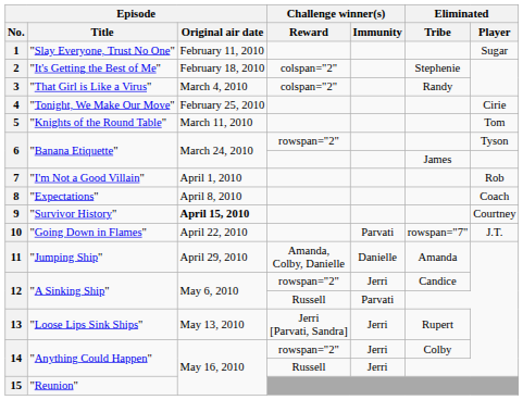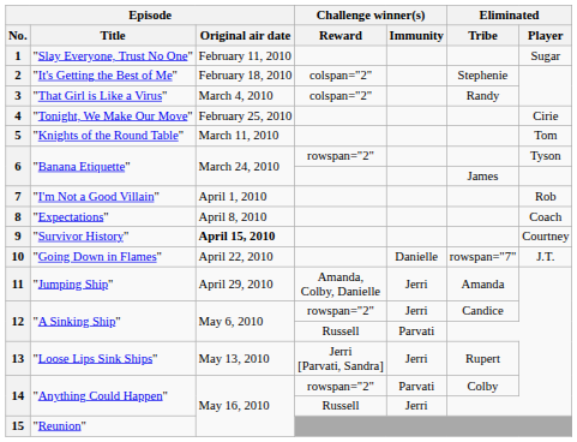 <table class="wikitable" style="margin:auto; text-align:center">
 <tr>
 <th scope="col" colspan="3">Episode</th>
 <th scope="col" colspan="2">Challenge winner(s)</th>
 <th scope="col" colspan="2">Eliminated</th>
 </tr>
 <tr>
 <th scope="col">No.</th>
 <th scope="col">Title</th>
 <th scope="col">Original air date</th>
 <th scope="col">Reward</th>
 <th scope="col">Immunity</th>
 <th scope="col">Tribe</th>
 <th scope="col">Player</th>
 </tr>
 <tr>
 <th>1</th>
 <td align="left">"<a href='#'>Slay Everyone, Trust No One</a>"</td>
 <td align="left">February 11, 2010</td>
 <td></td>
 <td></td>
 <td></td>
 <td>Sugar</td>
 </tr>
 <tr>
 <th>2</th>
 <td align="left">"<a href='#'>It's Getting the Best of Me</a>"</td>
 <td align="left">February 18, 2010</td>
 <td>colspan="2" </td>
 <td></td>
 <td>Stephenie</td>
 </tr>
 <tr>
 <th>3</th>
 <td align="left">"<a href='#'>That Girl is Like a Virus</a>"</td>
 <td align="left">March 4, 2010</td>
 <td>colspan="2" </td>
 <td></td>
 <td>Randy</td>
 </tr>
 <tr>
 <th>4</th>
 <td align="left">"<a href='#'>Tonight, We Make Our Move</a>"</td>
 <td align="left">February 25, 2010</td>
 <td></td>
 <td></td>
 <td></td>
 <td>Cirie</td>
 </tr>
 <tr>
 <th>5</th>
 <td align="left">"<a href='#'>Knights of the Round Table</a>"</td>
 <td align="left">March 11, 2010</td>
 <td></td>
 <td></td>
 <td></td>
 <td>Tom</td>
 </tr>
 <tr>
 <th rowspan="2">6</th>
 <td rowspan="2" style="text-align:left;">"<a href='#'>Banana Etiquette</a>"</td>
 <td rowspan="2" style="text-align:left;">March 24, 2010</td>
 <td>rowspan="2" </td>
 <td></td>
 <td></td>
 <td>Tyson</td>
 </tr>
 <tr>
 <td></td>
 <td></td>
 <td>James</td>
 </tr>
 <tr>
 <th>7</th>
 <td align="left">"<a href='#'>I'm Not a Good Villain</a>"</td>
 <td align="left">April 1, 2010</td>
 <td></td>
 <td></td>
 <td></td>
 <td>Rob</td>
 </tr>
 <tr>
 <th>8</th>
 <td align="left">"<a href='#'>Expectations</a>"</td>
 <td align="left">April 8, 2010</td>
 <td></td>
 <td></td>
 <td></td>
 <td>Coach</td>
 </tr>
 <tr>
 <th>9</th>
 <td align="left">"<a href='#'>Survivor History</a>"</td>
 <td align="left"><strong>April 15, 2010</strong></td>
 <td></td>
 <td></td>
 <td></td>
 <td>Courtney</td>
 </tr>
 <tr>
 <th>10</th>
 <td align="left">"<a href='#'>Going Down in Flames</a>"</td>
 <td align="left">April 22, 2010</td>
 <td></td>
-<td>Parvati</td>
+<td>Danielle</td>
 <td>rowspan="7" </td>
 <td>J.T.</td>
 </tr>
 <tr>
 <th>11</th>
 <td align="left">"<a href='#'>Jumping Ship</a>"</td>
 <td align="left">April 29, 2010</td>
 <td>Amanda,<br>Colby, Danielle</td>
-<td>Danielle</td>
+<td>Jerri</td>
 <td>Amanda</td>
 </tr>
 <tr>
 <th rowspan="2">12</th>
 <td rowspan="2" style="text-align:left;">"<a href='#'>A Sinking Ship</a>"</td>
 <td rowspan="2" style="text-align:left;">May 6, 2010</td>
 <td>rowspan="2" </td>
 <td>Jerri</td>
 <td>Candice</td>
 </tr>
 <tr>
 <td>Russell</td>
 <td>Parvati</td>
 </tr>
 <tr>
 <th>13</th>
 <td align="left">"<a href='#'>Loose Lips Sink Ships</a>"</td>
 <td align="left">May 13, 2010</td>
 <td>Jerri<br>[Parvati, Sandra]</td>
 <td>Jerri</td>
 <td>Rupert</td>
 </tr>
 <tr>
 <th rowspan="2">14</th>
 <td rowspan="2" style="text-align:left;">"<a href='#'>Anything Could Happen</a>"</td>
 <td rowspan="3" style="text-align:left;">May 16, 2010</td>
 <td>rowspan="2" </td>
-<td>Jerri</td>
+<td>Parvati</td>
 <td>Colby</td>
 </tr>
 <tr>
 <td>Russell</td>
 <td>Jerri</td>
 </tr>
 <tr>
 <th>15</th>
 <td style="text-align:left;">"<a href='#'>Reunion</a>"</td>
 <td colspan="4" bgcolor="darkgray"></td>
 </tr>
 </table>
